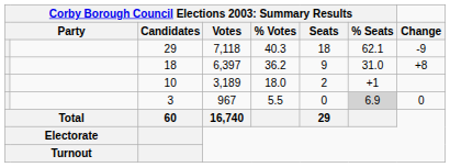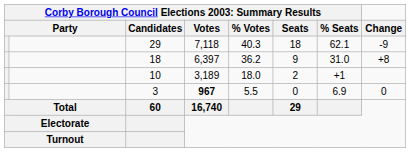 <table class="wikitable" style="font-size: 95%;">
 <tr style="background-color:#E9E9E9">
 <th colspan="7"><a href='#'>Corby Borough Council</a> Elections 2003: Summary Results</th>
 </tr>
 <tr style="background-color:#E9E9E9">
 <th colspan="2">Party</th>
 <th style="width: 60px">Candidates</th>
 <th style="width: 60px">Votes</th>
 <th style="width: 60px">% Votes</th>
 <th style="width: 60px">Seats</th>
 <th style="width: 60px">% Seats</th>
 <th style="width: 60px">Change</th>
 </tr>
 <tr>
 <th style="background-color: "></th>
 <td style="width: 170px"><a href='#'></a></td>
 <td align="center">29</td>
 <td align="center">7,118</td>
 <td align="center">40.3</td>
 <td align="center">18</td>
 <td align="center">62.1</td>
 <td align="center">-9</td>
 </tr>
 <tr>
 <th style="background-color: "></th>
 <td style="width: 170px"><a href='#'></a></td>
 <td align="center">18</td>
 <td align="center">6,397</td>
 <td align="center">36.2</td>
 <td align="center">9</td>
 <td align="center">31.0</td>
 <td align="center">+8</td>
 </tr>
 <tr>
 <th style="background-color: "></th>
 <td style="width: 170px"><a href='#'></a></td>
 <td align="center">10</td>
 <td align="center">3,189</td>
 <td align="center">18.0</td>
 <td align="center">2</td>
 <td align="center">+1</td>
 </tr>
 <tr>
 <th style="background-color: "></th>
 <td style="width: 170px"><a href='#'></a></td>
 <td align="center">3</td>
-<td align="center">967</td>
+<td align="center"><strong>967</strong></td>
 <td align="center">5.5</td>
 <td align="center">0</td>
-<td align="center" style="background: lightgrey;">6.9</td>
+<td align="center">6.9</td>
 <td align="center">0</td>
 </tr>
 <tr style="background-color:#E9E9E9">
 <th colspan="2">Total</th>
 <th style="width: 60px">60</th>
 <th style="width: 60px">16,740</th>
 <th style="width: 60px"></th>
 <th style="width: 60px">29</th>
 <th style="width: 60px"></th>
 </tr>
 <tr style="background-color:#E9E9E9">
 <th colspan="2">Electorate</th>
 <th style="width: 60px"></th>
 </tr>
 <tr style="background-color:#E9E9E9">
 <th colspan="2">Turnout</th>
 <th style="width: 60px"></th>
 </tr>
 </table>
